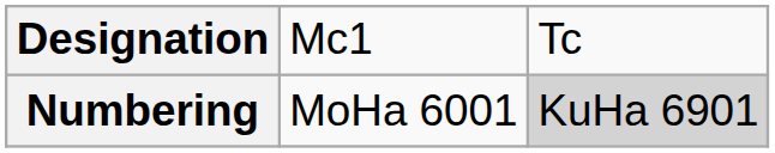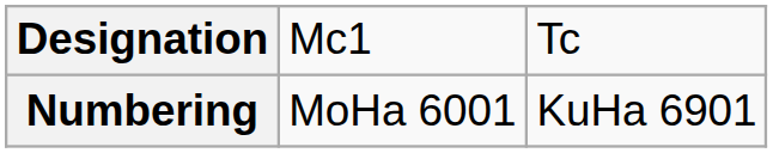 <table class="wikitable">
 <tr>
 <th>Designation</th>
 <td>Mc1</td>
 <td>Tc</td>
 </tr>
 <tr>
 <th>Numbering</th>
 <td>MoHa 6001</td>
-<td style="background: lightgrey;">KuHa 6901</td>
+<td>KuHa 6901</td>
 </tr>
 </table>
